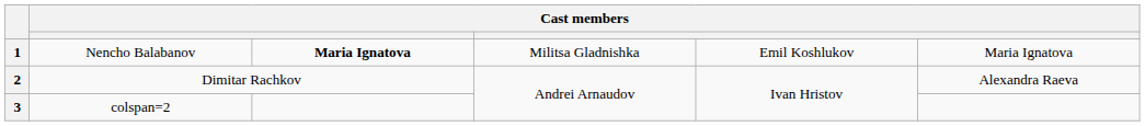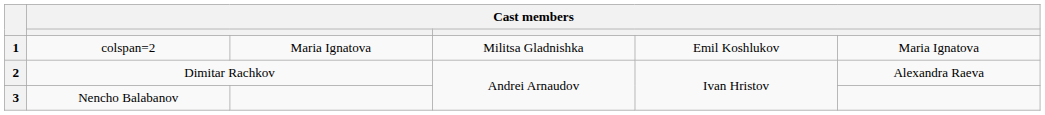 <table class="wikitable plainrowheaders" style="width:100%; text-align:center; line-height:23px;">
 <tr>
 <th rowspan=2 width=1%></th>
 <th colspan=5>Cast members </th>
 </tr>
 <tr>
 <th colspan=2></th>
 <th colspan=3></th>
 </tr>
 <tr>
 <th>1</th>
-<td width=10%>Nencho Balabanov</td>
-<td width=10%><strong>Maria Ignatova</strong></td>
+<td>colspan=2 </td>
+<td width=10%>Maria Ignatova</td>
 <td width=10%>Militsa Gladnishka</td>
 <td width=10%>Emil Koshlukov</td>
 <td>Maria Ignatova</td>
 </tr>
 <tr>
 <th>2</th>
 <td colspan=2>Dimitar Rachkov</td>
 <td rowspan=2>Andrei Arnaudov</td>
 <td rowspan=2>Ivan Hristov</td>
 <td width=10%>Alexandra Raeva</td>
 </tr>
 <tr>
 <th>3</th>
-<td>colspan=2 </td>
+<td width=10%>Nencho Balabanov</td>
 <td></td>
 </tr>
 </table>
